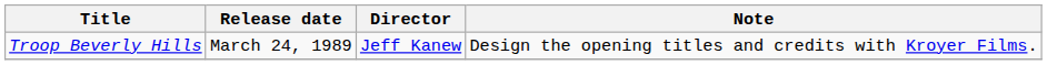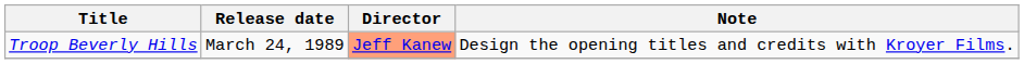 <table class="wikitable" border="1">
 <tr>
 <th>Title</th>
 <th>Release date</th>
 <th>Director</th>
 <th>Note</th>
 </tr>
 <tr>
 <td><em><a href='#'>Troop Beverly Hills</a></em></td>
 <td>March 24, 1989</td>
-<td><a href='#'>Jeff Kanew</a></td>
+<td style="background: lightsalmon;"><a href='#'>Jeff Kanew</a></td>
 <td>Design the opening titles and credits with <a href='#'>Kroyer Films</a>.</td>
 </tr>
 <tr>
 </tr>
 </table>
